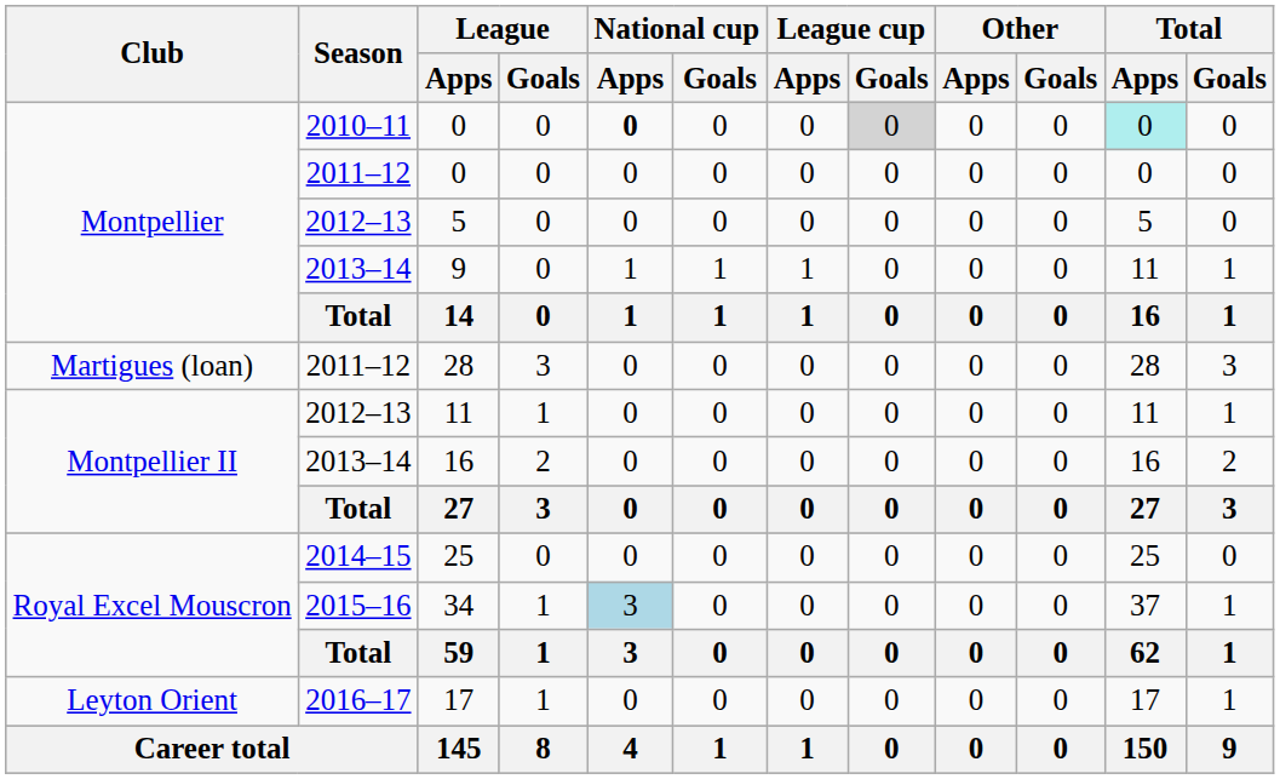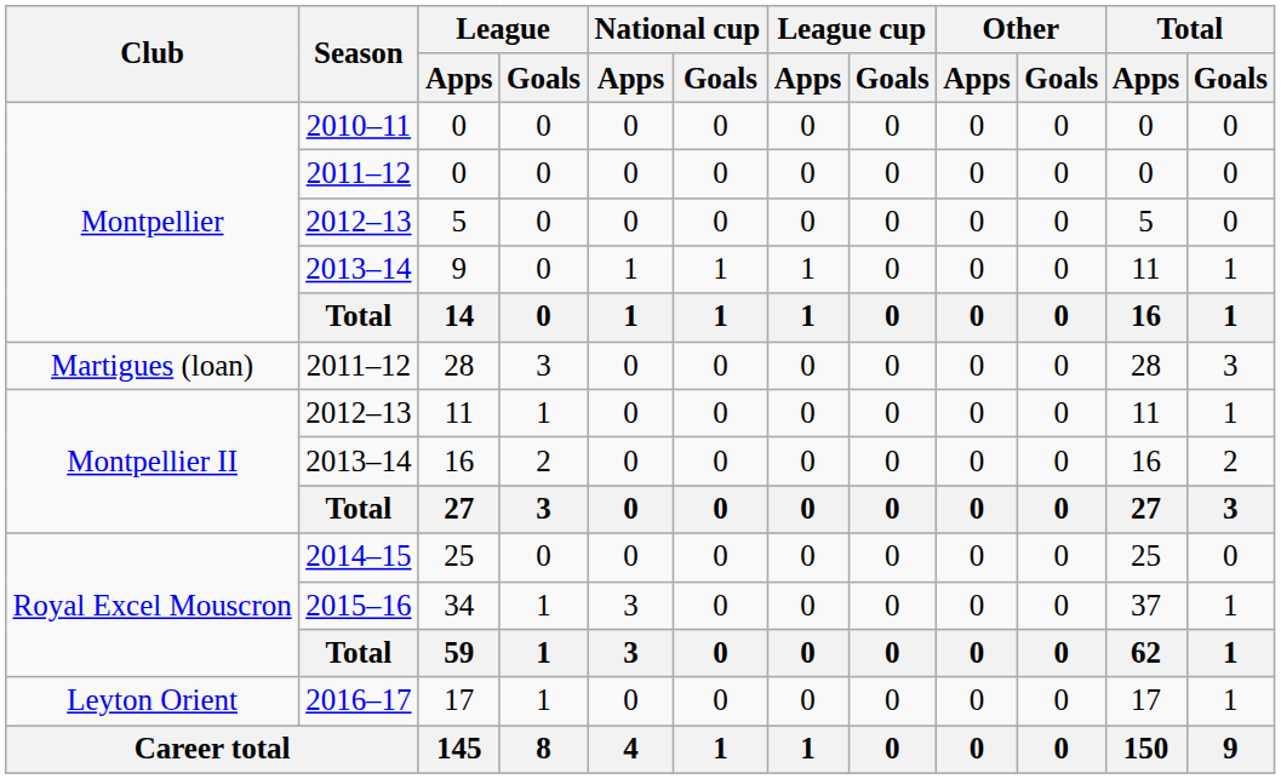 <table class="wikitable" style="text-align:center">
 <tr>
 <th rowspan="2">Club</th>
 <th rowspan="2">Season</th>
 <th colspan="2">League</th>
 <th colspan="2">National cup</th>
 <th colspan="2">League cup</th>
 <th colspan="2">Other</th>
 <th colspan="2">Total</th>
 </tr>
 <tr>
 <th>Apps</th>
 <th>Goals</th>
 <th>Apps</th>
 <th>Goals</th>
 <th>Apps</th>
 <th>Goals</th>
 <th>Apps</th>
 <th>Goals</th>
 <th>Apps</th>
 <th>Goals</th>
 </tr>
 <tr>
 <td rowspan="5"><a href='#'>Montpellier</a></td>
 <td><a href='#'>2010–11</a></td>
 <td>0</td>
 <td>0</td>
-<td><strong>0</strong></td>
 <td>0</td>
 <td>0</td>
-<td style="background: lightgrey;">0</td>
 <td>0</td>
 <td>0</td>
-<td style="background: paleturquoise;">0</td>
+<td>0</td>
+<td>0</td>
+<td>0</td>
 <td>0</td>
 </tr>
 <tr>
 <td><a href='#'>2011–12</a></td>
 <td>0</td>
 <td>0</td>
 <td>0</td>
 <td>0</td>
 <td>0</td>
 <td>0</td>
 <td>0</td>
 <td>0</td>
 <td>0</td>
 <td>0</td>
 </tr>
 <tr>
 <td><a href='#'>2012–13</a></td>
 <td>5</td>
 <td>0</td>
 <td>0</td>
 <td>0</td>
 <td>0</td>
 <td>0</td>
 <td>0</td>
 <td>0</td>
 <td>5</td>
 <td>0</td>
 </tr>
 <tr>
 <td><a href='#'>2013–14</a></td>
 <td>9</td>
 <td>0</td>
 <td>1</td>
 <td>1</td>
 <td>1</td>
 <td>0</td>
 <td>0</td>
 <td>0</td>
 <td>11</td>
 <td>1</td>
 </tr>
 <tr>
 <th>Total</th>
 <th>14</th>
 <th>0</th>
 <th>1</th>
 <th>1</th>
 <th>1</th>
 <th>0</th>
 <th>0</th>
 <th>0</th>
 <th>16</th>
 <th>1</th>
 </tr>
 <tr>
 <td><a href='#'>Martigues</a> (loan)</td>
 <td>2011–12</td>
 <td>28</td>
 <td>3</td>
 <td>0</td>
 <td>0</td>
 <td>0</td>
 <td>0</td>
 <td>0</td>
 <td>0</td>
 <td>28</td>
 <td>3</td>
 </tr>
 <tr>
 <td rowspan="3"><a href='#'>Montpellier II</a></td>
 <td>2012–13</td>
 <td>11</td>
 <td>1</td>
 <td>0</td>
 <td>0</td>
 <td>0</td>
 <td>0</td>
 <td>0</td>
 <td>0</td>
 <td>11</td>
 <td>1</td>
 </tr>
 <tr>
 <td>2013–14</td>
 <td>16</td>
 <td>2</td>
 <td>0</td>
 <td>0</td>
 <td>0</td>
 <td>0</td>
 <td>0</td>
 <td>0</td>
 <td>16</td>
 <td>2</td>
 </tr>
 <tr>
 <th>Total</th>
 <th>27</th>
 <th>3</th>
 <th>0</th>
 <th>0</th>
 <th>0</th>
 <th>0</th>
 <th>0</th>
 <th>0</th>
 <th>27</th>
 <th>3</th>
 </tr>
 <tr>
 <td rowspan="3"><a href='#'>Royal Excel Mouscron</a></td>
 <td><a href='#'>2014–15</a></td>
 <td>25</td>
 <td>0</td>
 <td>0</td>
 <td>0</td>
 <td>0</td>
 <td>0</td>
 <td>0</td>
 <td>0</td>
 <td>25</td>
 <td>0</td>
 </tr>
 <tr>
 <td><a href='#'>2015–16</a></td>
 <td>34</td>
 <td>1</td>
-<td style="background: lightblue;">3</td>
+<td>3</td>
 <td>0</td>
 <td>0</td>
 <td>0</td>
 <td>0</td>
 <td>0</td>
 <td>37</td>
 <td>1</td>
 </tr>
 <tr>
 <th>Total</th>
 <th>59</th>
 <th>1</th>
 <th>3</th>
 <th>0</th>
 <th>0</th>
 <th>0</th>
 <th>0</th>
 <th>0</th>
 <th>62</th>
 <th>1</th>
 </tr>
 <tr>
 <td><a href='#'>Leyton Orient</a></td>
 <td><a href='#'>2016–17</a></td>
 <td>17</td>
 <td>1</td>
 <td>0</td>
 <td>0</td>
 <td>0</td>
 <td>0</td>
 <td>0</td>
 <td>0</td>
 <td>17</td>
 <td>1</td>
 </tr>
 <tr>
 <th colspan="2">Career total</th>
 <th>145</th>
 <th>8</th>
 <th>4</th>
 <th>1</th>
 <th>1</th>
 <th>0</th>
 <th>0</th>
 <th>0</th>
 <th>150</th>
 <th>9</th>
 </tr>
 </table>
